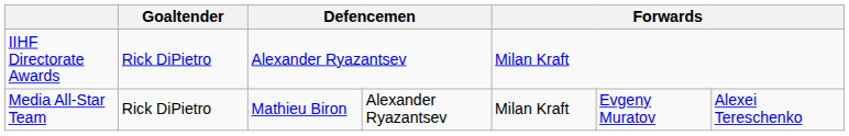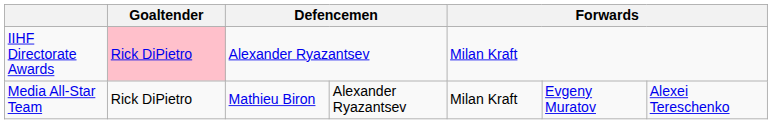 <table class="wikitable">
 <tr>
 <th width=150></th>
 <th width=180>Goaltender</th>
 <th colspan=2>Defencemen</th>
 <th colspan=3>Forwards</th>
 </tr>
 <tr>
 <td><a href='#'>IIHF Directorate Awards</a></td>
-<td> <a href='#'>Rick DiPietro</a></td>
+<td style="background: pink;"> <a href='#'>Rick DiPietro</a></td>
 <td colspan=2> <a href='#'>Alexander Ryazantsev</a></td>
 <td colspan=3> <a href='#'>Milan Kraft</a></td>
 </tr>
 <tr>
 <td><a href='#'>Media All-Star Team</a></td>
 <td> Rick DiPietro</td>
 <td width=180> <a href='#'>Mathieu Biron</a></td>
 <td width=180> Alexander Ryazantsev</td>
 <td width=180> Milan Kraft</td>
 <td width=180> <a href='#'>Evgeny Muratov</a></td>
 <td width=180> <a href='#'>Alexei Tereschenko</a></td>
 </tr>
 </table>
